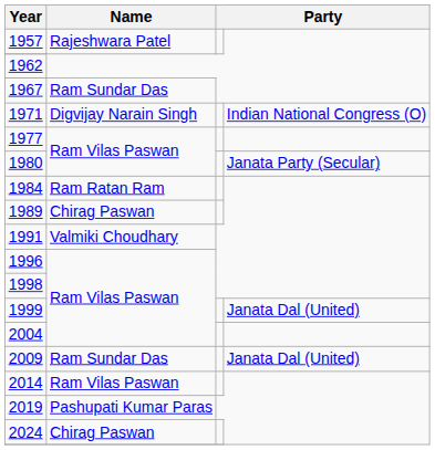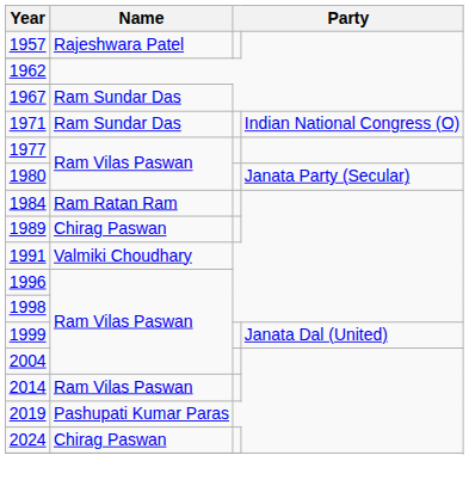 <table class="wikitable">
 <tr>
 <th>Year</th>
 <th>Name</th>
 <th colspan="2">Party</th>
 </tr>
 <tr>
 <td><a href='#'>1957</a></td>
 <td rowspan="2"><a href='#'>Rajeshwara Patel</a></td>
 <td></td>
 </tr>
 <tr>
 </tr>
 <tr>
 <td><a href='#'>1962</a></td>
 </tr>
 <tr>
 </tr>
 <tr>
 <td><a href='#'>1967</a></td>
 <td><a href='#'>Ram Sundar Das</a></td>
 </tr>
 <tr>
 <td><a href='#'>1971</a></td>
-<td><a href='#'>Digvijay Narain Singh</a></td>
+<td><a href='#'>Ram Sundar Das</a></td>
 <td style="background-color: "></td>
 <td><a href='#'>Indian National Congress (O)</a></td>
 </tr>
 <tr>
 <td><a href='#'>1977</a></td>
 <td rowspan="2"><a href='#'>Ram Vilas Paswan</a></td>
 <td></td>
 </tr>
 <tr>
 <td><a href='#'>1980</a></td>
 <td style="background-color: "></td>
 <td><a href='#'>Janata Party (Secular)</a></td>
 </tr>
 <tr>
 <td><a href='#'>1984</a></td>
 <td><a href='#'>Ram Ratan Ram</a></td>
 <td></td>
 </tr>
 <tr>
 <td><a href='#'>1989</a></td>
 <td><a href='#'>Chirag Paswan</a></td>
 <td></td>
 </tr>
 <tr>
 <td><a href='#'>1991</a></td>
 <td><a href='#'>Valmiki Choudhary</a></td>
 </tr>
 <tr>
 <td><a href='#'>1996</a></td>
 <td rowspan="4"><a href='#'>Ram Vilas Paswan</a></td>
 </tr>
 <tr>
 <td><a href='#'>1998</a></td>
 </tr>
 <tr>
 <td><a href='#'>1999</a></td>
 <td style="background-color: "></td>
 <td><a href='#'>Janata Dal (United)</a></td>
 </tr>
 <tr>
 <td><a href='#'>2004</a></td>
 <td></td>
 </tr>
 <tr>
-<td><a href='#'>2009</a></td>
-<td><a href='#'>Ram Sundar Das</a></td>
-<td style="background-color: "></td>
-<td><a href='#'>Janata Dal (United)</a></td>
-</tr>
-<tr>
 <td><a href='#'>2014</a></td>
 <td><a href='#'>Ram Vilas Paswan</a></td>
 <td></td>
 </tr>
 <tr>
 <td><a href='#'>2019</a></td>
 <td><a href='#'>Pashupati Kumar Paras</a></td>
 </tr>
 <tr>
 <td><a href='#'>2024</a></td>
 <td><a href='#'>Chirag Paswan</a></td>
 <td></td>
 </tr>
 <tr>
 </tr>
 </table>
